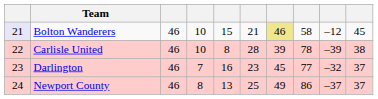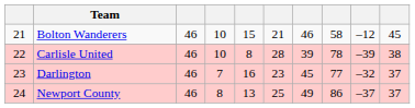 <table class="wikitable" style="text-align:center">
 <tr>
 <th width="30"></th>
 <th width="175">Team</th>
 <th width="30"></th>
 <th width="30"></th>
 <th width="30"></th>
 <th width="30"></th>
 <th width="30"></th>
 <th width="30"></th>
 <th width="30"></th>
 <th width="30"></th>
 </tr>
 <tr>
-<td style="background: lavender;">21</td>
+<td>21</td>
 <td align=left><a href='#'>Bolton Wanderers</a></td>
 <td>46</td>
 <td>10</td>
 <td>15</td>
 <td>21</td>
-<td style="background: khaki;">46</td>
+<td>46</td>
 <td>58</td>
 <td>–12</td>
 <td>45</td>
 </tr>
 <tr bgcolor="FFCCCC">
 <td>22</td>
 <td align=left><a href='#'>Carlisle United</a></td>
 <td>46</td>
 <td>10</td>
 <td>8</td>
 <td>28</td>
 <td>39</td>
 <td>78</td>
 <td>–39</td>
 <td>38</td>
 </tr>
 <tr bgcolor="FFCCCC">
 <td>23</td>
 <td align=left><a href='#'>Darlington</a></td>
 <td>46</td>
 <td>7</td>
 <td>16</td>
 <td>23</td>
 <td>45</td>
 <td>77</td>
 <td>–32</td>
 <td>37</td>
 </tr>
 <tr bgcolor="FFCCCC">
 <td>24</td>
 <td align=left><a href='#'>Newport County</a></td>
 <td>46</td>
 <td>8</td>
 <td>13</td>
 <td>25</td>
 <td>49</td>
 <td>86</td>
 <td>–37</td>
 <td>37</td>
 </tr>
 </table>
